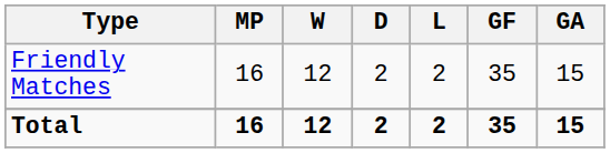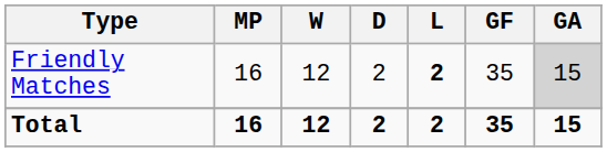 <table class="wikitable" width=50% style="font-size: 95%">
 <tr>
 <th width=15%>Type</th>
 <th width=5%>MP</th>
 <th width=5%>W</th>
 <th width=5%>D</th>
 <th width=5%>L</th>
 <th width=5%>GF</th>
 <th width=5%>GA</th>
 </tr>
 <tr>
 <td><a href='#'>Friendly Matches</a></td>
 <td align=center>16</td>
 <td align=center>12</td>
 <td align=center>2</td>
-<td align=center>2</td>
+<td align=center><strong>2</strong></td>
 <td align=center>35</td>
-<td align=center>15</td>
+<td align=center style="background: lightgrey;">15</td>
 </tr>
 <tr>
 </tr>
 <tr>
 <td><strong>Total</strong></td>
 <td align=center><strong>16</strong></td>
 <td align=center><strong>12</strong></td>
 <td align=center><strong>2</strong></td>
 <td align=center><strong>2</strong></td>
 <td align=center><strong>35</strong></td>
 <td align=center><strong>15</strong></td>
 </tr>
 </table>
